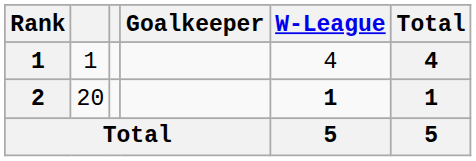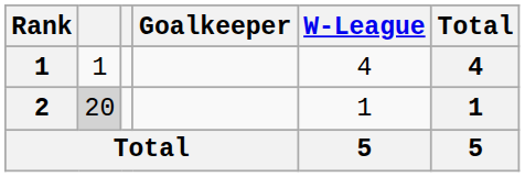 <table class="wikitable" style="text-align:center">
 <tr>
 <th>Rank</th>
 <th></th>
 <th></th>
 <th>Goalkeeper</th>
 <th><a href='#'>W-League</a></th>
 <th>Total</th>
 </tr>
 <tr>
 <th>1</th>
 <td>1</td>
 <td></td>
 <td align="left"></td>
 <td>4</td>
 <th>4</th>
 </tr>
 <tr>
 <th>2</th>
-<td>20</td>
+<td style="background: lightgrey;">20</td>
 <td></td>
 <td align="left"></td>
-<td><strong>1</strong></td>
+<td>1</td>
 <th>1</th>
 </tr>
 <tr>
 <th colspan="4">Total</th>
 <th>5</th>
 <th>5</th>
 </tr>
 </table>
